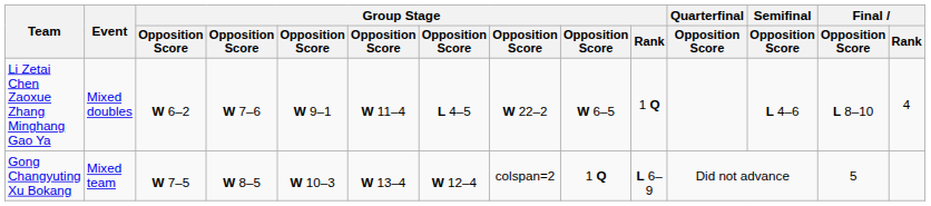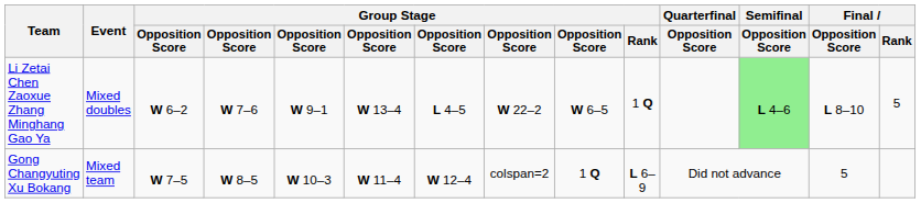 <table class="wikitable" style="font-size:90%">
 <tr>
 <th rowspan=2>Team</th>
 <th rowspan=2>Event</th>
 <th colspan=8>Group Stage</th>
 <th>Quarterfinal</th>
 <th>Semifinal</th>
 <th colspan=2>Final / </th>
 </tr>
 <tr style="font-size:95%">
 <th>Opposition <br> Score</th>
 <th>Opposition <br> Score</th>
 <th>Opposition <br> Score</th>
 <th>Opposition <br> Score</th>
 <th>Opposition <br> Score</th>
 <th>Opposition <br> Score</th>
 <th>Opposition <br> Score</th>
 <th>Rank</th>
 <th>Opposition <br> Score</th>
 <th>Opposition <br> Score</th>
 <th>Opposition <br> Score</th>
 <th>Rank</th>
 </tr>
 <tr align=center>
 <td align=left><a href='#'>Li Zetai</a><br><a href='#'>Chen Zaoxue</a><br><a href='#'>Zhang Minghang</a><br><a href='#'>Gao Ya</a></td>
 <td align=left><a href='#'>Mixed doubles</a></td>
 <td><br><strong>W</strong> 6–2</td>
 <td><br><strong>W</strong> 7–6</td>
 <td><br><strong>W</strong> 9–1</td>
-<td><br><strong>W</strong> 11–4</td>
+<td><br><strong>W</strong> 13–4</td>
 <td><br><strong>L</strong> 4–5</td>
 <td><br><strong>W</strong> 22–2</td>
 <td><br><strong>W</strong> 6–5</td>
 <td>1 <strong>Q</strong></td>
 <td></td>
-<td><br><strong>L</strong> 4–6</td>
+<td style="background: lightgreen;"><br><strong>L</strong> 4–6</td>
 <td><br><strong>L</strong> 8–10</td>
-<td>4</td>
+<td>5</td>
 </tr>
 <tr align=center>
 <td align=left><a href='#'>Gong Changyuting</a><br><a href='#'>Xu Bokang</a></td>
 <td align=left><a href='#'>Mixed team</a></td>
 <td><br><strong>W</strong> 7–5</td>
 <td><br><strong>W</strong> 8–5</td>
 <td><br><strong>W</strong> 10–3</td>
-<td><br><strong>W</strong> 13–4</td>
+<td><br><strong>W</strong> 11–4</td>
 <td><br><strong>W</strong> 12–4</td>
 <td>colspan=2</td>
 <td>1 <strong>Q</strong></td>
 <td><br><strong>L</strong> 6–9</td>
 <td colspan=2>Did not advance</td>
 <td>5</td>
 </tr>
 </table>
